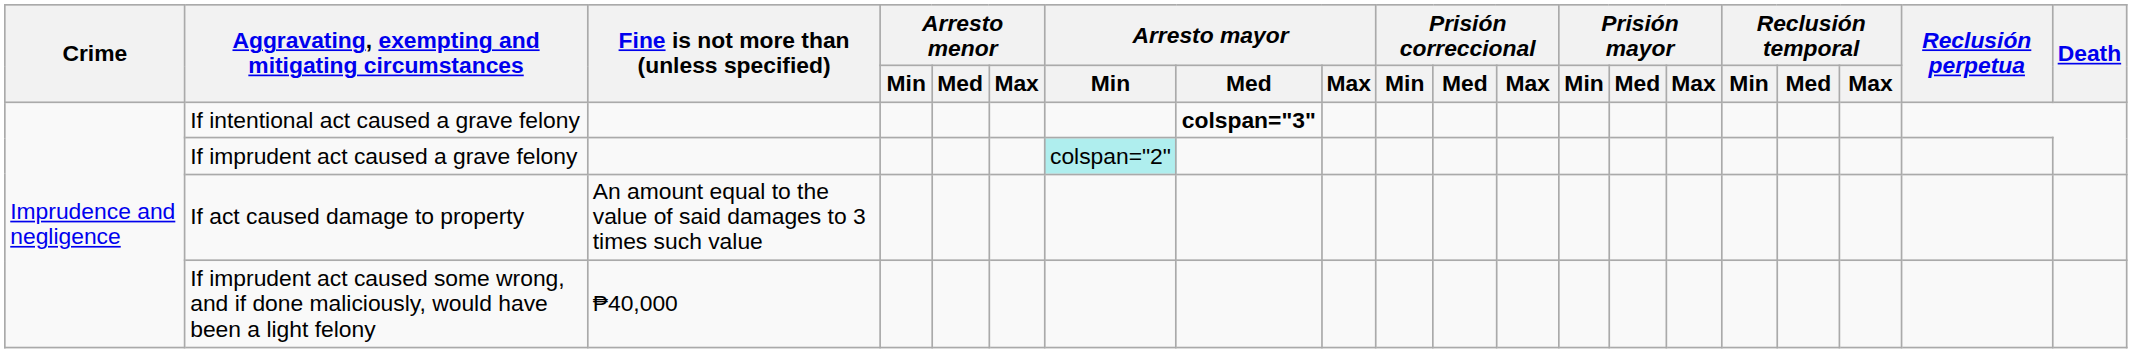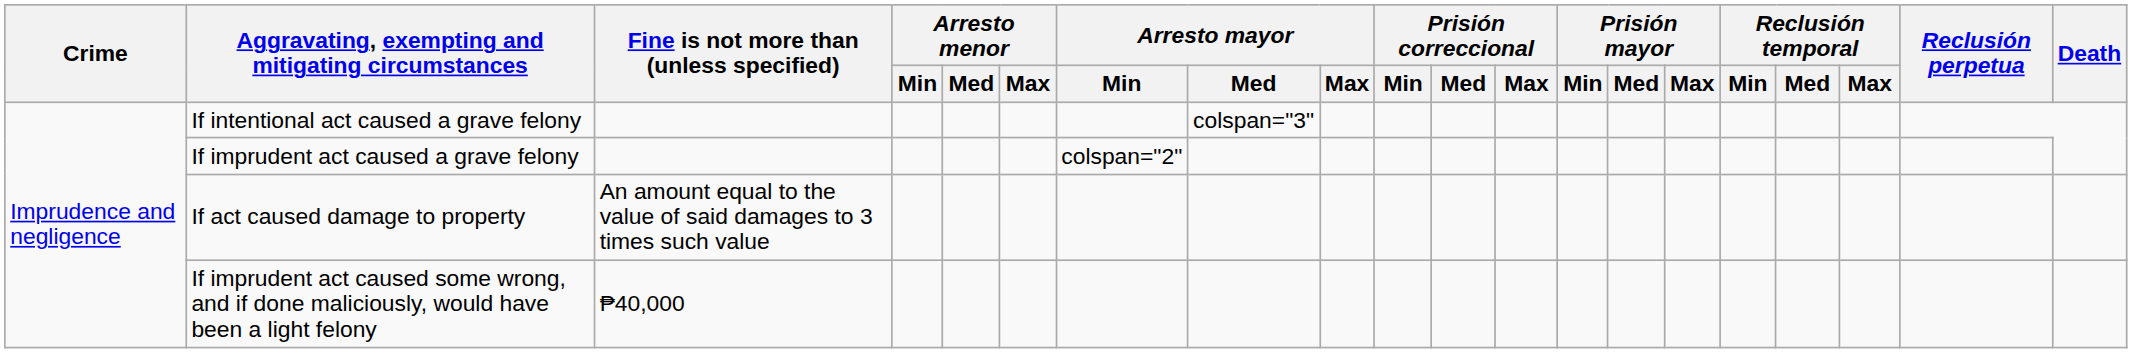 <table class="wikitable" style="font-size:85%;" width="100%">
 <tr>
 <th rowspan="2">Crime</th>
 <th rowspan="2"><a href='#'>Aggravating</a>, <a href='#'>exempting and mitigating circumstances</a></th>
 <th rowspan="2"><a href='#'>Fine</a> is not more than (unless specified)</th>
 <th colspan="3"><em>Arresto menor</em></th>
 <th colspan="3"><em>Arresto mayor</em></th>
 <th colspan="3"><em>Prisión correccional</em></th>
 <th colspan="3"><em>Prisión mayor</em></th>
 <th colspan="3"><em>Reclusión temporal</em></th>
 <th rowspan="2"><em><a href='#'>Reclusión perpetua</a></em></th>
 <th rowspan="2"><a href='#'>Death</a></th>
 </tr>
 <tr>
 <th>Min</th>
 <th>Med</th>
 <th>Max</th>
 <th>Min</th>
 <th>Med</th>
 <th>Max</th>
 <th>Min</th>
 <th>Med</th>
 <th>Max</th>
 <th>Min</th>
 <th>Med</th>
 <th>Max</th>
 <th>Min</th>
 <th>Med</th>
 <th>Max</th>
 </tr>
 <tr>
 <td rowspan="4"><a href='#'>Imprudence and negligence</a></td>
 <td>If intentional act caused a grave felony</td>
 <td></td>
 <td></td>
 <td></td>
 <td></td>
 <td></td>
-<td><strong>colspan="3" </strong></td>
+<td>colspan="3" </td>
 <td></td>
 <td></td>
 <td></td>
 <td></td>
 <td></td>
 <td></td>
 <td></td>
 <td></td>
 <td></td>
 <td></td>
 </tr>
 <tr>
 <td>If imprudent act caused a grave felony</td>
 <td></td>
 <td></td>
 <td></td>
 <td></td>
-<td style="background: paleturquoise;">colspan="2" </td>
+<td>colspan="2" </td>
 <td></td>
 <td></td>
 <td></td>
 <td></td>
 <td></td>
 <td></td>
 <td></td>
 <td></td>
 <td></td>
 <td></td>
 <td></td>
 <td></td>
 </tr>
 <tr>
 <td>If act caused damage to property</td>
 <td>An amount equal to the value of said damages to 3 times such value</td>
 <td></td>
 <td></td>
 <td></td>
 <td></td>
 <td></td>
 <td></td>
 <td></td>
 <td></td>
 <td></td>
 <td></td>
 <td></td>
 <td></td>
 <td></td>
 <td></td>
 <td></td>
 <td></td>
 <td></td>
 </tr>
 <tr>
 <td>If imprudent act caused some wrong, and if done maliciously, would have been a light felony</td>
 <td>₱40,000</td>
 <td></td>
 <td></td>
 <td></td>
 <td></td>
 <td></td>
 <td></td>
 <td></td>
 <td></td>
 <td></td>
 <td></td>
 <td></td>
 <td></td>
 <td></td>
 <td></td>
 <td></td>
 <td></td>
 <td></td>
 </tr>
 </table>
